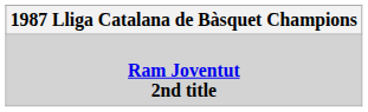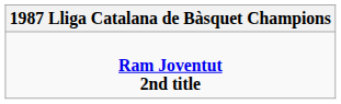 <table class=wikitable style="text-align:center; margin:auto">
 <tr>
 <th>1987 Lliga Catalana de Bàsquet Champions</th>
 </tr>
 <tr>
-<td style="background: lightgrey;"> <br> <strong><a href='#'>Ram Joventut</a></strong> <br> <strong>2nd title</strong></td>
+<td> <br> <strong><a href='#'>Ram Joventut</a></strong> <br> <strong>2nd title</strong></td>
 </tr>
 </table>
